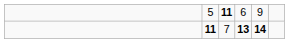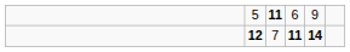 <table class="wikitable">
 <tr>
 <td style="width:18em"></td>
 <td align=center style="width:1em">5</td>
 <td align=center style="width:1em"><strong>11</strong></td>
 <td align=center style="width:1em">6</td>
 <td align=center style="width:1em">9</td>
 <td align=center style="width:1em"></td>
 </tr>
 <tr>
 <td style="width:18em"><strong></strong></td>
+<td align=center style="width:1em"><strong>12</strong></td>
+<td align=center style="width:1em">7</td>
 <td align=center style="width:1em"><strong>11</strong></td>
-<td align=center style="width:1em">7</td>
-<td align=center style="width:1em"><strong>13</strong></td>
 <td align=center style="width:1em"><strong>14</strong></td>
 <td align=center style="width:1em"></td>
 </tr>
 </table>
